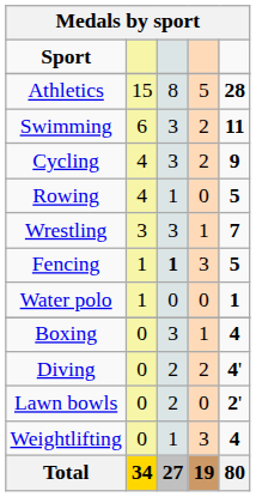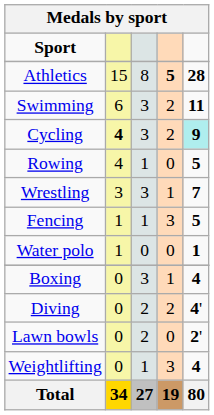 <table class="wikitable" style="font-size:85%; float:right">
 <tr style="background:#efefef;">
 <th colspan=7><strong>Medals by sport</strong></th>
 </tr>
 <tr align=center>
 <td><strong>Sport</strong></td>
 <td bgcolor=#f7f6a8></td>
 <td bgcolor=#dce5e5></td>
 <td bgcolor=#ffdab9></td>
 <td></td>
 </tr>
 <tr>
 </tr>
 <tr align=center>
 <td><a href='#'>Athletics</a></td>
 <td style="Background:#F7F6A8;">15</td>
 <td style="background:#DCE5E5;">8</td>
-<td style="background:#FFDAB9;">5</td>
+<td style="background:#FFDAB9;"><strong>5</strong></td>
 <td><strong>28</strong></td>
 </tr>
 <tr align=center>
 <td><a href='#'>Swimming</a></td>
 <td style="Background:#F7F6A8;">6</td>
 <td style="background:#DCE5E5;">3</td>
 <td style="background:#FFDAB9;">2</td>
 <td><strong>11</strong></td>
 </tr>
 <tr align=center>
 <td><a href='#'>Cycling</a></td>
-<td style="Background:#F7F6A8;">4</td>
+<td style="Background:#F7F6A8;"><strong>4</strong></td>
 <td style="background:#DCE5E5;">3</td>
 <td style="background:#FFDAB9;">2</td>
-<td><strong>9</strong></td>
+<td style="background: paleturquoise;"><strong>9</strong></td>
 </tr>
 <tr align=center>
 <td><a href='#'>Rowing</a></td>
 <td style="background:#F7F6A8;">4</td>
 <td style="background:#DCE5E5;">1</td>
 <td style="background:#FFDAB9;">0</td>
 <td><strong>5</strong></td>
 </tr>
 <tr align=center>
 <td><a href='#'>Wrestling</a></td>
 <td style="Background:#F7F6A8;">3</td>
 <td style="background:#DCE5E5;">3</td>
 <td style="background:#FFDAB9;">1</td>
 <td><strong>7</strong></td>
 </tr>
 <tr align=center>
 <td><a href='#'>Fencing</a></td>
 <td style="Background:#F7F6A8;">1</td>
-<td style="background:#DCE5E5;"><strong>1</strong></td>
+<td style="background:#DCE5E5;">1</td>
 <td style="background:#FFDAB9;">3</td>
 <td><strong>5</strong></td>
 </tr>
 <tr align=center>
 <td><a href='#'>Water polo</a></td>
 <td style="Background:#F7F6A8;">1</td>
 <td style="background:#DCE5E5;">0</td>
 <td style="background:#FFDAB9;">0</td>
 <td><strong>1</strong></td>
 </tr>
 <tr>
 </tr>
 <tr align=center>
 <td><a href='#'>Boxing</a></td>
 <td style="Background:#F7F6A8;">0</td>
 <td style="background:#DCE5E5;">3</td>
 <td style="background:#FFDAB9;">1</td>
 <td><strong>4</strong></td>
 </tr>
 <tr align=center>
 <td><a href='#'>Diving</a></td>
 <td style="Background:#F7F6A8;">0</td>
 <td style="background:#DCE5E5;">2</td>
 <td style="background:#FFDAB9;">2</td>
 <td><strong>4</strong>'</td>
 </tr>
 <tr align=center>
 <td><a href='#'>Lawn bowls</a></td>
 <td style="Background:#F7F6A8;">0</td>
 <td style="background:#DCE5E5;">2</td>
 <td style="background:#FFDAB9;">0</td>
 <td><strong>2</strong>'</td>
 </tr>
 <tr align=center>
 <td><a href='#'>Weightlifting</a></td>
 <td style="Background:#F7F6A8;">0</td>
 <td style="background:#DCE5E5;">1</td>
 <td style="background:#FFDAB9;">3</td>
 <td><strong>4</strong></td>
 </tr>
 <tr align=center>
 <th>Total</th>
 <th style="background:gold;">34</th>
 <th style="background:silver;">27</th>
 <th style="background:#c96;">19</th>
 <th><strong>80</strong></th>
 </tr>
 </table>
